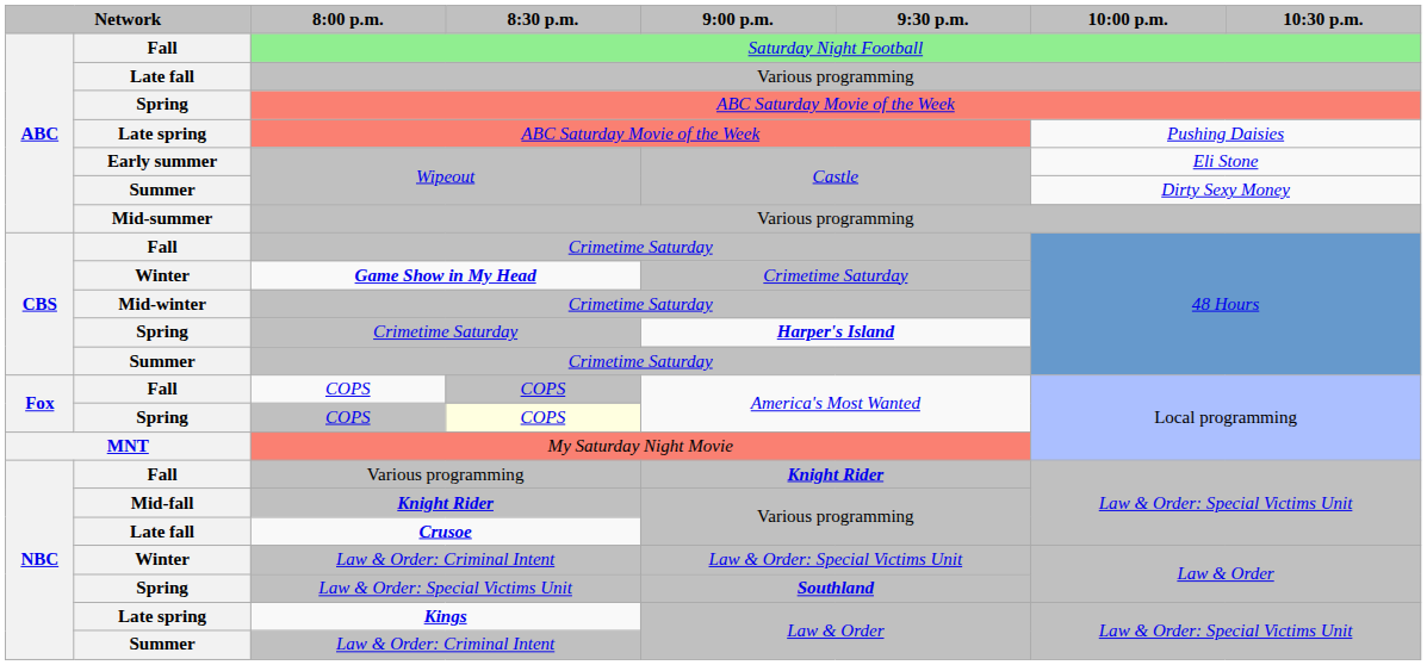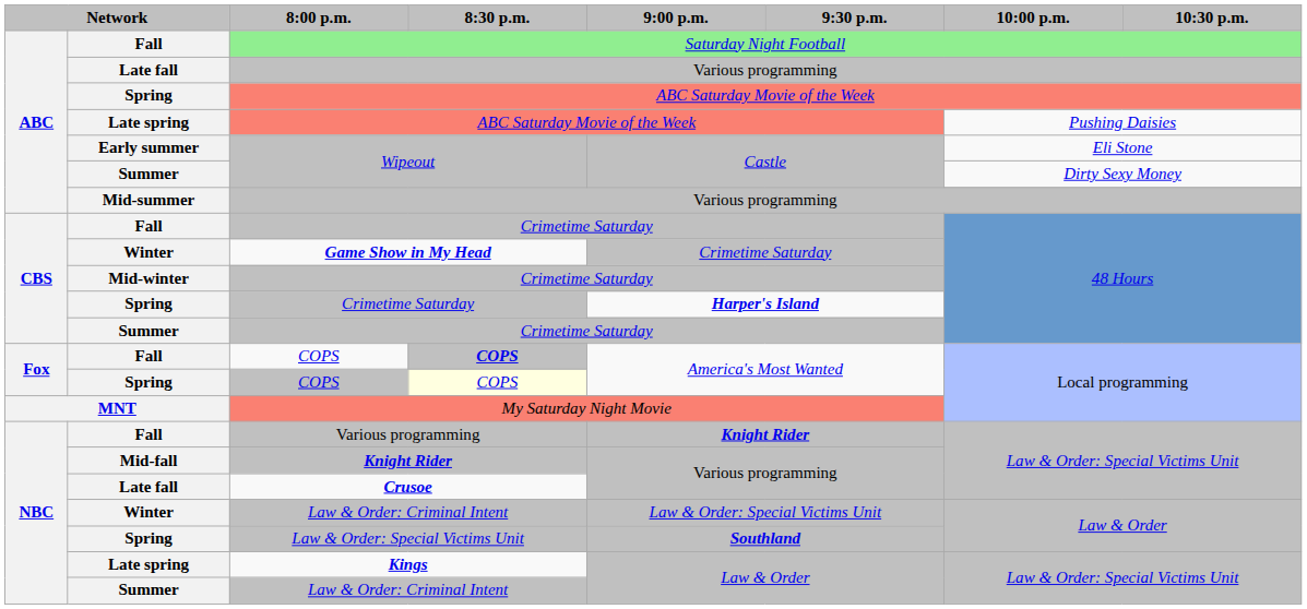 <table class="wikitable" style="width:100%;margin-right:0;text-align:center">
 <tr>
 <th colspan="2" style="background-color:#C0C0C0;text-align:center">Network</th>
 <th style="background-color:#C0C0C0;text-align:center">8:00 p.m.</th>
 <th style="background-color:#C0C0C0;text-align:center">8:30 p.m.</th>
 <th style="background-color:#C0C0C0;text-align:center">9:00 p.m.</th>
 <th style="background-color:#C0C0C0;text-align:center">9:30 p.m.</th>
 <th style="background-color:#C0C0C0;text-align:center">10:00 p.m.</th>
 <th style="background-color:#C0C0C0;text-align:center">10:30 p.m.</th>
 </tr>
 <tr>
 <th rowspan="7"><a href='#'>ABC</a></th>
 <th>Fall</th>
 <td colspan="6" style="background:lightgreen;"><em><a href='#'>Saturday Night Football</a></em> </td>
 </tr>
 <tr>
 <th>Late fall</th>
 <td colspan="6" style="background:#C0C0C0;">Various programming</td>
 </tr>
 <tr>
 <th>Spring</th>
 <td colspan="6" style="background:#FA8072;"><em><a href='#'>ABC Saturday Movie of the Week</a></em></td>
 </tr>
 <tr>
 <th>Late spring</th>
 <td colspan="4" style="background:#FA8072;"><em><a href='#'>ABC Saturday Movie of the Week</a></em></td>
 <td colspan="2"><em><a href='#'>Pushing Daisies</a></em></td>
 </tr>
 <tr>
 <th>Early summer</th>
 <td colspan="2" rowspan="2" style="background:#C0C0C0;"><em><a href='#'>Wipeout</a></em> </td>
 <td colspan="2" rowspan="2" style="background:#C0C0C0;"><em><a href='#'>Castle</a></em> </td>
 <td colspan="2"><em><a href='#'>Eli Stone</a></em></td>
 </tr>
 <tr>
 <th>Summer</th>
 <td colspan="2"><em><a href='#'>Dirty Sexy Money</a></em></td>
 </tr>
 <tr>
 <th>Mid-summer</th>
 <td colspan="6" style="background:#C0C0C0;">Various programming</td>
 </tr>
 <tr>
 <th rowspan="5"><a href='#'>CBS</a></th>
 <th>Fall</th>
 <td style="background:#C0C0C0;" colspan="4"><em><a href='#'>Crimetime Saturday</a></em></td>
 <td colspan="2" rowspan="5" style="background:#6699CC;"><em><a href='#'>48 Hours</a></em></td>
 </tr>
 <tr>
 <th>Winter</th>
 <td colspan="2"><strong><em><a href='#'>Game Show in My Head</a></em></strong></td>
 <td style="background:#C0C0C0;" colspan="2"><em><a href='#'>Crimetime Saturday</a></em></td>
 </tr>
 <tr>
 <th>Mid-winter</th>
 <td style="background:#C0C0C0;" colspan="4"><em><a href='#'>Crimetime Saturday</a></em></td>
 </tr>
 <tr>
 <th>Spring</th>
 <td style="background:#C0C0C0;" colspan="2"><em><a href='#'>Crimetime Saturday</a></em></td>
 <td colspan="2"><strong><em><a href='#'>Harper's Island</a></em></strong></td>
 </tr>
 <tr>
 <th>Summer</th>
 <td style="background:#C0C0C0;" colspan="4"><em><a href='#'>Crimetime Saturday</a></em></td>
 </tr>
 <tr>
 <th rowspan="2"><a href='#'>Fox</a></th>
 <th>Fall</th>
 <td><em><a href='#'>COPS</a></em></td>
-<td style="background:#C0C0C0;"><em><a href='#'>COPS</a></em> </td>
+<td style="background:#C0C0C0;"><strong><em><a href='#'>COPS</a></em> </strong></td>
 <td colspan="2" rowspan="2"><em><a href='#'>America's Most Wanted</a></em></td>
 <td style="background:#abbfff;" colspan="2" rowspan="3">Local programming</td>
 </tr>
 <tr>
 <th>Spring</th>
 <td style="background:#C0C0C0;"><em><a href='#'>COPS</a></em> </td>
 <td style="background: lightyellow;"><em><a href='#'>COPS</a></em></td>
 </tr>
 <tr>
 <th colspan="2"><a href='#'>MNT</a></th>
 <td colspan="4" style="background:#FA8072;"><em>My Saturday Night Movie</em></td>
 </tr>
 <tr>
 <th rowspan="7"><a href='#'>NBC</a></th>
 <th>Fall</th>
 <td colspan="2" style="background:#C0C0C0;">Various programming</td>
 <td colspan="2" style="background:#C0C0C0;"><strong><em><a href='#'>Knight Rider</a></em></strong> </td>
 <td colspan="2" rowspan="3" style="background:#C0C0C0;"><em><a href='#'>Law & Order: Special Victims Unit</a></em> </td>
 </tr>
 <tr>
 <th>Mid-fall</th>
 <td colspan="2" style="background:#C0C0C0;"><strong><em><a href='#'>Knight Rider</a></em></strong> </td>
 <td colspan="2" rowspan="2" style="background:#C0C0C0;">Various programming</td>
 </tr>
 <tr>
 <th>Late fall</th>
 <td colspan="2"><strong><em><a href='#'>Crusoe</a></em></strong></td>
 </tr>
 <tr>
 <th>Winter</th>
 <td colspan="2" style="background:#C0C0C0;"><em><a href='#'>Law & Order: Criminal Intent</a></em> </td>
 <td colspan="2" style="background:#C0C0C0;"><em><a href='#'>Law & Order: Special Victims Unit</a></em> </td>
 <td rowspan="2" colspan="2" style="background:#C0C0C0;"><em><a href='#'>Law & Order</a></em> </td>
 </tr>
 <tr>
 <th>Spring</th>
 <td colspan="2" style="background:#C0C0C0;"><em><a href='#'>Law & Order: Special Victims Unit</a></em> </td>
 <td colspan="2" style="background:#C0C0C0;"><strong><em><a href='#'>Southland</a></em></strong> </td>
 </tr>
 <tr>
 <th>Late spring</th>
 <td colspan="2"><strong><em><a href='#'>Kings</a></em></strong></td>
 <td colspan="2" rowspan="2" style="background:#C0C0C0;"><em><a href='#'>Law & Order</a></em> </td>
 <td colspan="2" rowspan="2" style="background:#C0C0C0;"><em><a href='#'>Law & Order: Special Victims Unit</a></em> </td>
 </tr>
 <tr>
 <th>Summer</th>
 <td colspan="2" style="background:#C0C0C0;"><em><a href='#'>Law & Order: Criminal Intent</a></em> </td>
 </tr>
 </table>
